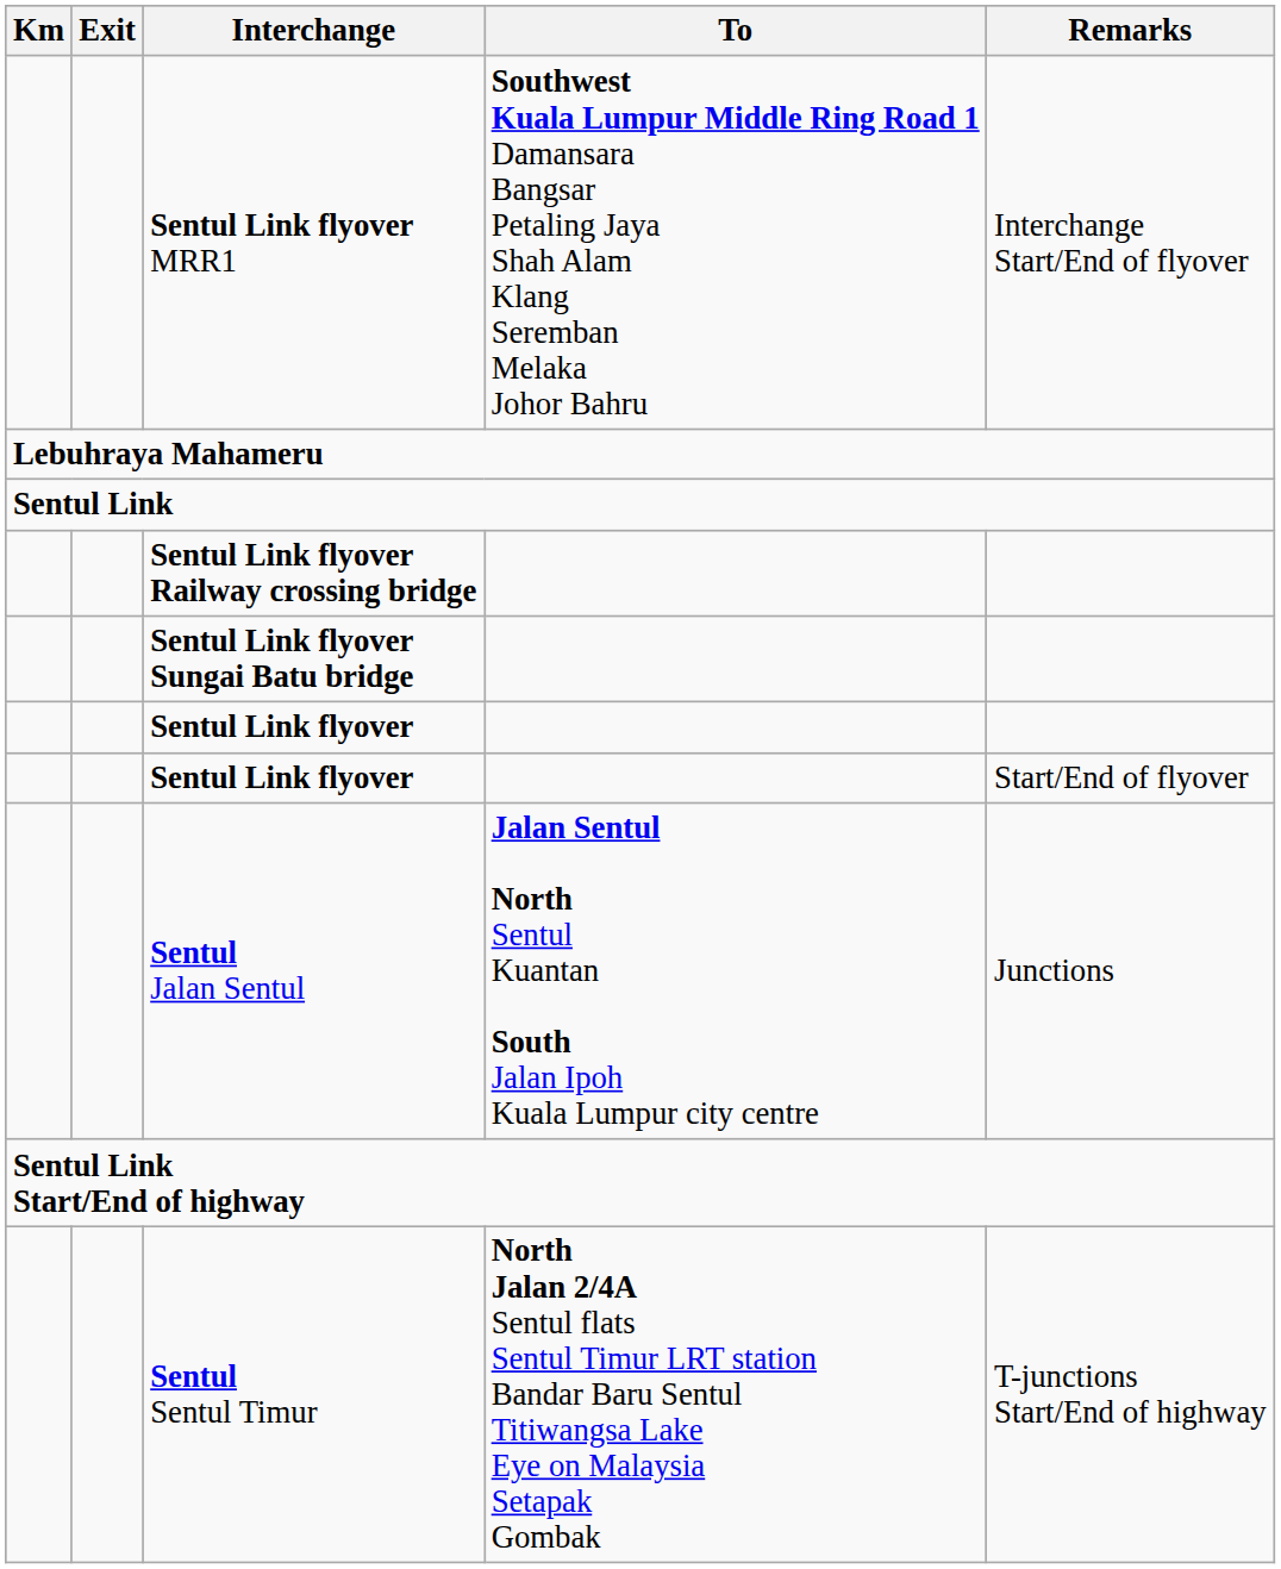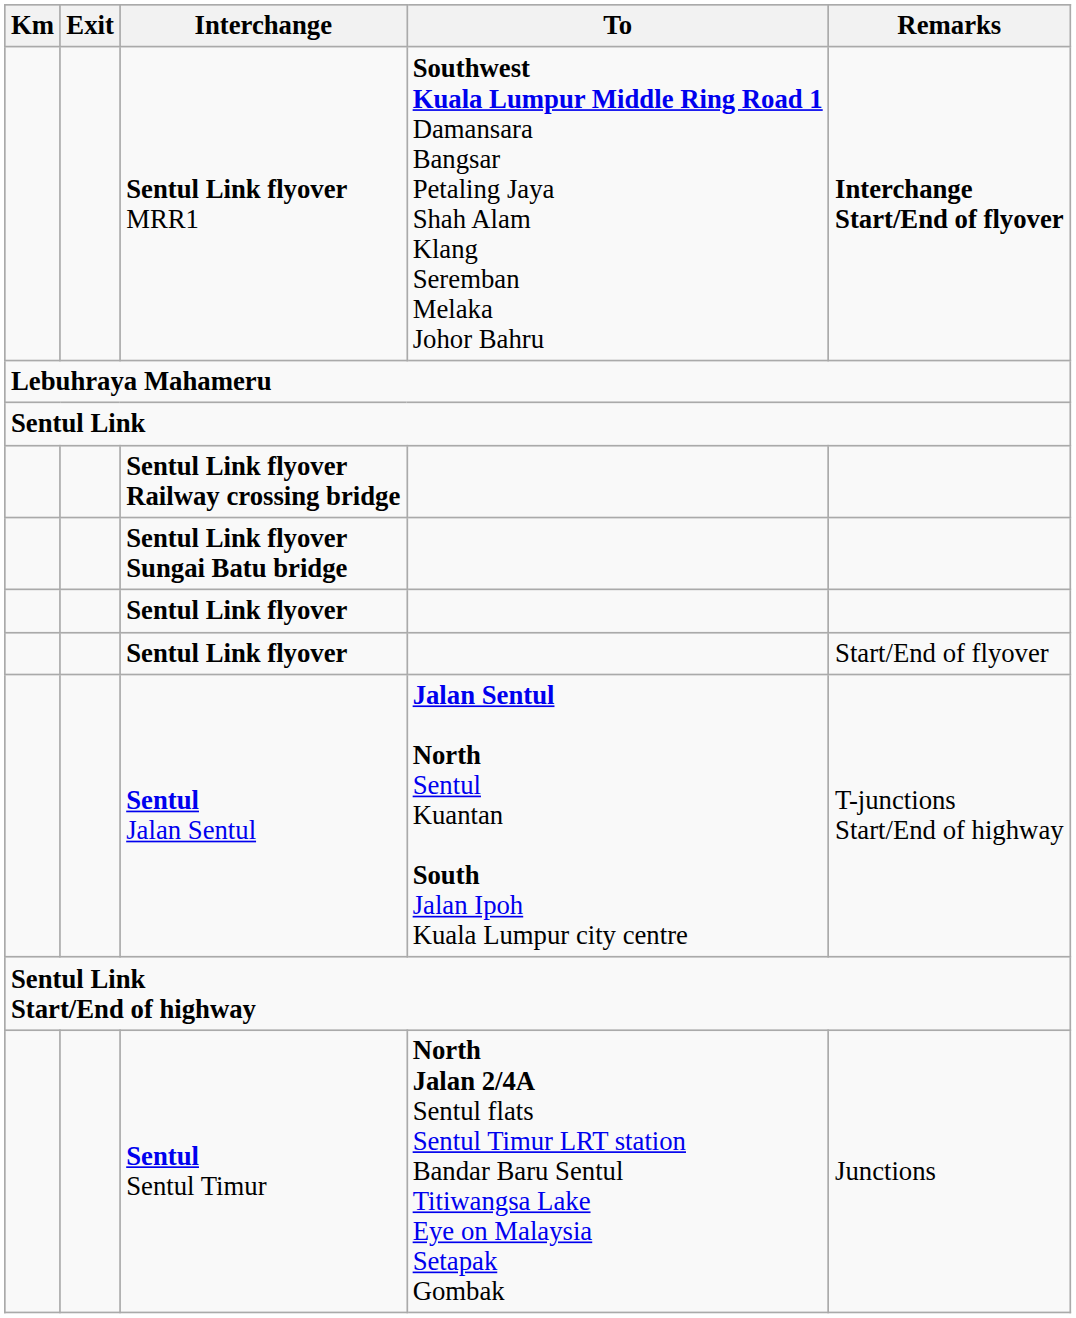 <table class="wikitable">
 <tr>
 <th>Km</th>
 <th>Exit</th>
 <th>Interchange</th>
 <th>To</th>
 <th>Remarks</th>
 </tr>
 <tr>
 <td></td>
 <td></td>
 <td><strong>Sentul Link flyover</strong><br>MRR1</td>
 <td><strong>Southwest</strong><br><strong><a href='#'>Kuala Lumpur Middle Ring Road 1</a></strong><br> Damansara<br>Bangsar<br> Petaling Jaya<br> Shah Alam<br> Klang<br>  Seremban<br>  Melaka<br>  Johor Bahru</td>
-<td>Interchange<br>Start/End of flyover</td>
+<td><strong>Interchange<br>Start/End of flyover</strong></td>
 </tr>
 <tr>
 <td style="width:600px" colspan="6" style="text-align:center; background:blue;"><strong><span>Lebuhraya Mahameru</span></strong></td>
 </tr>
 <tr>
 <td style="width:600px" colspan="6" style="text-align:center; background:blue;"><strong><span>Sentul Link</span></strong></td>
 </tr>
 <tr>
 <td></td>
 <td></td>
 <td><strong>Sentul Link flyover</strong><br><strong>Railway crossing bridge</strong></td>
 <td></td>
 <td></td>
 </tr>
 <tr>
 <td></td>
 <td></td>
 <td><strong>Sentul Link flyover</strong><br><strong>Sungai Batu bridge</strong></td>
 <td></td>
 <td></td>
 </tr>
 <tr>
 <td></td>
 <td></td>
 <td><strong>Sentul Link flyover</strong></td>
 <td></td>
 <td></td>
 </tr>
 <tr>
 <td></td>
 <td></td>
 <td><strong>Sentul Link flyover</strong></td>
 <td></td>
 <td>Start/End of flyover</td>
 </tr>
 <tr>
 <td></td>
 <td></td>
 <td><strong><a href='#'>Sentul</a></strong><br><a href='#'>Jalan Sentul</a></td>
 <td><strong><a href='#'>Jalan Sentul</a></strong><br><br><strong>North</strong><br><a href='#'>Sentul</a><br>   Kuantan<br><br><strong>South</strong><br><a href='#'>Jalan Ipoh</a><br>Kuala Lumpur city centre</td>
-<td>Junctions</td>
+<td>T-junctions<br>Start/End of highway</td>
 </tr>
 <tr>
 <td style="width:600px" colspan="6" style="text-align:center; background:blue;"><strong><span>Sentul Link<br>Start/End of highway</span></strong></td>
 </tr>
 <tr>
 <td></td>
 <td></td>
 <td><strong><a href='#'>Sentul</a></strong><br>Sentul Timur</td>
 <td><strong>North</strong><br><strong>Jalan 2/4A</strong><br>Sentul flats<br><a href='#'>Sentul Timur LRT station</a><br>Bandar Baru Sentul<br><a href='#'>Titiwangsa Lake</a><br><a href='#'>Eye on Malaysia</a><br><a href='#'>Setapak</a><br> Gombak</td>
-<td>T-junctions<br>Start/End of highway</td>
+<td>Junctions</td>
 </tr>
 </table>
